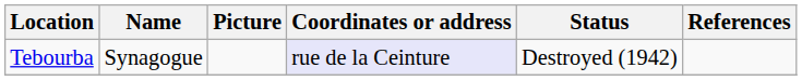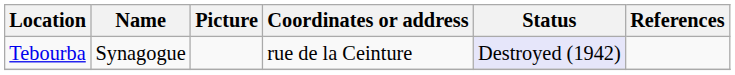 <table class="wikitable sortable">
 <tr>
 <th>Location</th>
 <th>Name</th>
 <th>Picture</th>
 <th>Coordinates or address</th>
 <th>Status</th>
 <th>References</th>
 </tr>
 <tr>
 <td><a href='#'>Tebourba</a></td>
 <td>Synagogue</td>
 <td align=center></td>
-<td style="background: lavender;">rue de la Ceinture</td>
-<td>Destroyed (1942)</td>
+<td>rue de la Ceinture</td>
+<td style="background: lavender;">Destroyed (1942)</td>
 <td></td>
 </tr>
 <tr>
 </tr>
 </table>
